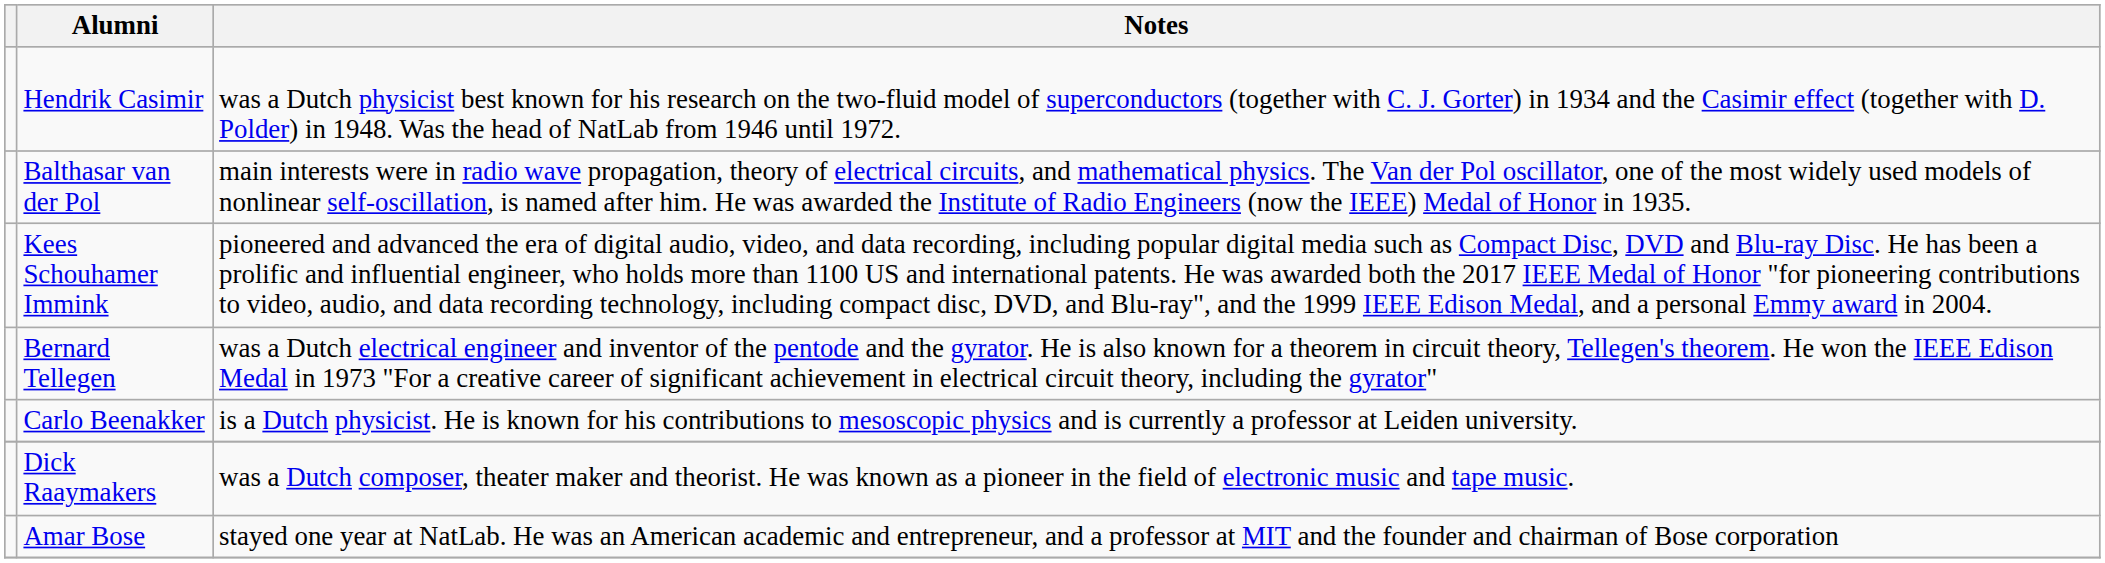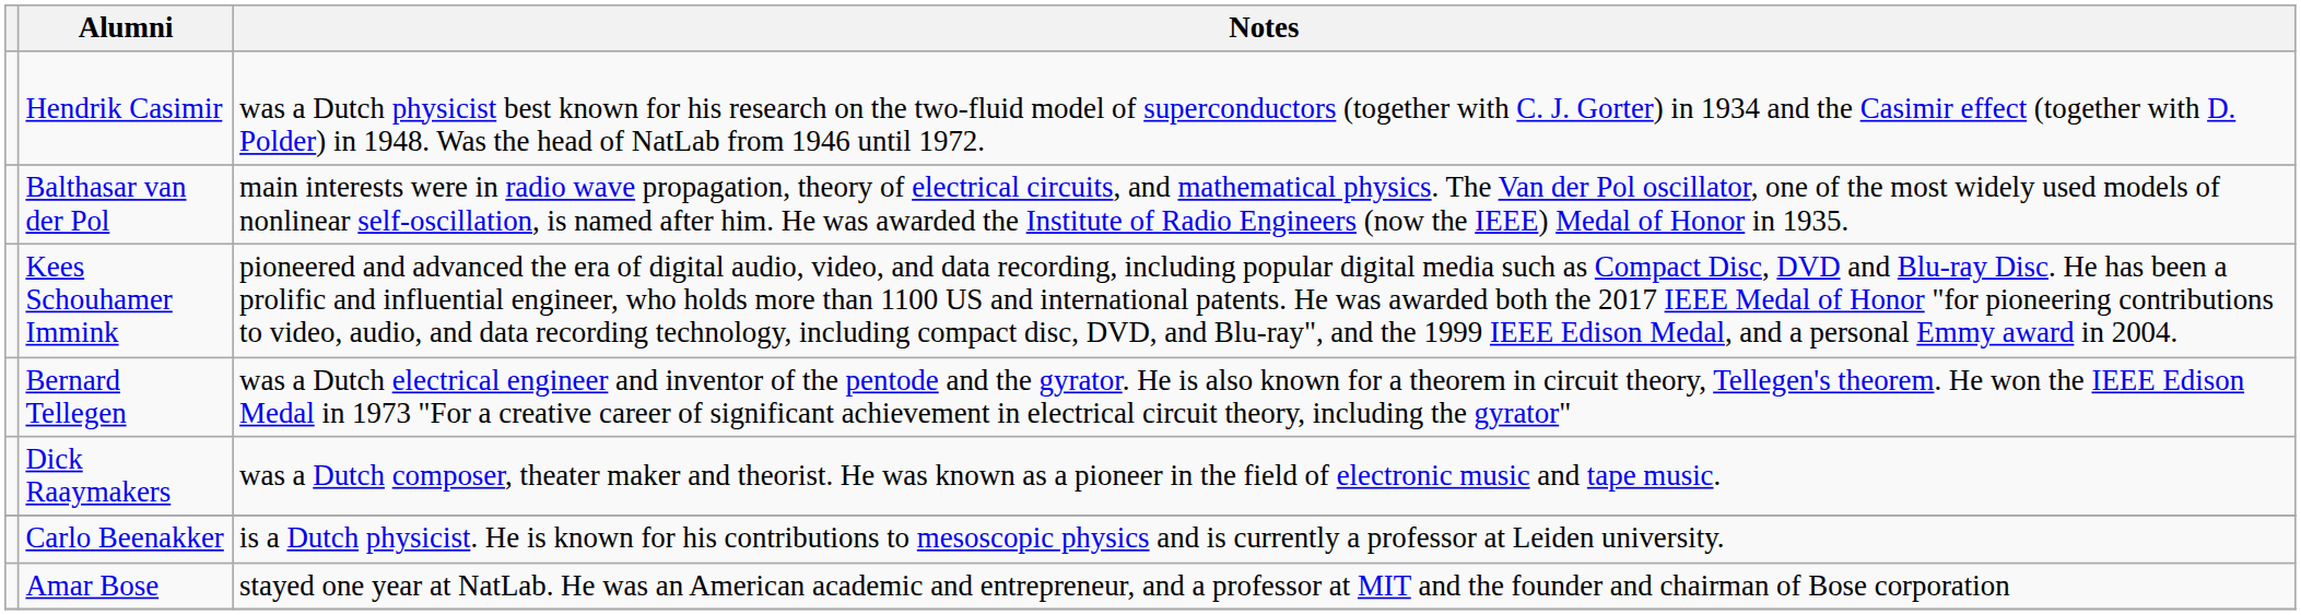 <table class="wikitable sortable">
 <tr>
 <th></th>
 <th>Alumni</th>
 <th>Notes</th>
 </tr>
 <tr>
 <td></td>
 <td><a href='#'>Hendrik Casimir</a></td>
 <td><br>was a Dutch <a href='#'>physicist</a> best known for his research on the two-fluid model of <a href='#'>superconductors</a> (together with <a href='#'>C. J. Gorter</a>)  in 1934 and the <a href='#'>Casimir effect</a> (together with <a href='#'>D. Polder</a>) in 1948. Was the head of NatLab from 1946 until 1972.</td>
 </tr>
 <tr>
 <td></td>
 <td><a href='#'>Balthasar van der Pol</a></td>
 <td>main interests were in <a href='#'>radio wave</a> propagation, theory of <a href='#'>electrical circuits</a>, and <a href='#'>mathematical physics</a>. The <a href='#'>Van der Pol oscillator</a>, one of the most widely used models of nonlinear <a href='#'>self-oscillation</a>, is named after him. He was awarded the <a href='#'>Institute of Radio Engineers</a> (now the <a href='#'>IEEE</a>) <a href='#'>Medal of Honor</a> in 1935.</td>
 </tr>
 <tr>
 <td></td>
 <td><a href='#'>Kees Schouhamer Immink</a></td>
 <td>pioneered and advanced the era of digital audio, video, and data recording, including popular digital media such as <a href='#'>Compact Disc</a>, <a href='#'>DVD</a> and <a href='#'>Blu-ray Disc</a>. He has been a prolific and influential engineer, who holds more than 1100 US and international patents. He was awarded both the 2017 <a href='#'>IEEE Medal of Honor</a> "for pioneering contributions to video, audio, and data recording technology, including compact disc, DVD, and Blu-ray", and the 1999 <a href='#'>IEEE Edison Medal</a>, and a personal <a href='#'>Emmy award</a> in 2004.</td>
 </tr>
 <tr>
 <td></td>
 <td><a href='#'>Bernard Tellegen</a></td>
 <td>was a Dutch <a href='#'>electrical engineer</a> and inventor of the <a href='#'>pentode</a> and the <a href='#'>gyrator</a>. He is also known for a theorem in circuit theory, <a href='#'>Tellegen's theorem</a>. He won the <a href='#'>IEEE Edison Medal</a> in 1973 "For a creative career of significant achievement in electrical circuit theory, including the <a href='#'>gyrator</a>"</td>
 </tr>
 <tr>
 <td></td>
-<td><a href='#'>Carlo Beenakker</a></td>
-<td>is a <a href='#'>Dutch</a> <a href='#'>physicist</a>. He is known for his contributions to <a href='#'>mesoscopic physics</a> and is currently a professor at Leiden university.</td>
+<td><a href='#'>Dick Raaymakers</a></td>
+<td>was a <a href='#'>Dutch</a> <a href='#'>composer</a>, theater maker and theorist. He was known as a pioneer in the field of <a href='#'>electronic music</a> and <a href='#'>tape music</a>.</td>
 </tr>
 <tr>
 </tr>
 <tr>
 <td></td>
-<td><a href='#'>Dick Raaymakers</a></td>
-<td>was a <a href='#'>Dutch</a> <a href='#'>composer</a>, theater maker and theorist. He was known as a pioneer in the field of <a href='#'>electronic music</a> and <a href='#'>tape music</a>.</td>
+<td><a href='#'>Carlo Beenakker</a></td>
+<td>is a <a href='#'>Dutch</a> <a href='#'>physicist</a>. He is known for his contributions to <a href='#'>mesoscopic physics</a> and is currently a professor at Leiden university.</td>
 </tr>
 <tr>
 <td></td>
 <td><a href='#'>Amar Bose</a></td>
 <td>stayed one year at NatLab. He was an American academic and entrepreneur, and a professor at <a href='#'>MIT</a> and the founder and chairman of Bose corporation</td>
 </tr>
 <tr>
 </tr>
 </table>
